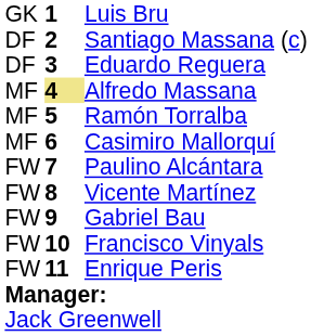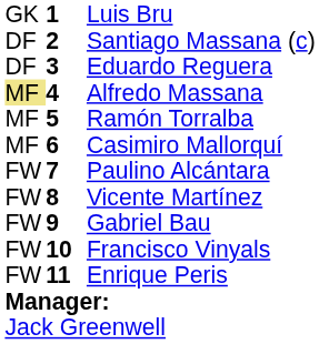 <table style="font-size:90%; margin:0.2em auto;" cellspacing="0" cellpadding="0">
 <tr>
 <th width="25"></th>
 <th width="25"></th>
 </tr>
 <tr>
 <td>GK</td>
 <td><strong>1</strong></td>
 <td> <a href='#'>Luis Bru</a></td>
 </tr>
 <tr>
 <td>DF</td>
 <td><strong>2</strong></td>
 <td> <a href='#'>Santiago Massana</a> (<a href='#'>c</a>)</td>
 </tr>
 <tr>
 <td>DF</td>
 <td><strong>3</strong></td>
 <td> <a href='#'>Eduardo Reguera</a></td>
 </tr>
 <tr>
-<td>MF</td>
-<td style="background: khaki;"><strong>4</strong></td>
+<td style="background: khaki;">MF</td>
+<td><strong>4</strong></td>
 <td> <a href='#'>Alfredo Massana</a></td>
 </tr>
 <tr>
 <td>MF</td>
 <td><strong>5</strong></td>
 <td> <a href='#'>Ramón Torralba</a></td>
 </tr>
 <tr>
 <td>MF</td>
 <td><strong>6</strong></td>
 <td> <a href='#'>Casimiro Mallorquí</a></td>
 </tr>
 <tr>
 <td>FW</td>
 <td><strong>7</strong></td>
 <td> <a href='#'>Paulino Alcántara</a></td>
 </tr>
 <tr>
 <td>FW</td>
 <td><strong>8</strong></td>
 <td> <a href='#'>Vicente Martínez</a></td>
 </tr>
 <tr>
 <td>FW</td>
 <td><strong>9</strong></td>
 <td> <a href='#'>Gabriel Bau</a></td>
 </tr>
 <tr>
 <td>FW</td>
 <td><strong>10</strong></td>
 <td> <a href='#'>Francisco Vinyals</a></td>
 </tr>
 <tr>
 <td>FW</td>
 <td><strong>11</strong></td>
 <td> <a href='#'>Enrique Peris</a></td>
 </tr>
 <tr>
 <td colspan=3><strong>Manager:</strong></td>
 </tr>
 <tr>
 <td colspan=4><a href='#'>Jack Greenwell</a></td>
 </tr>
 </table>
